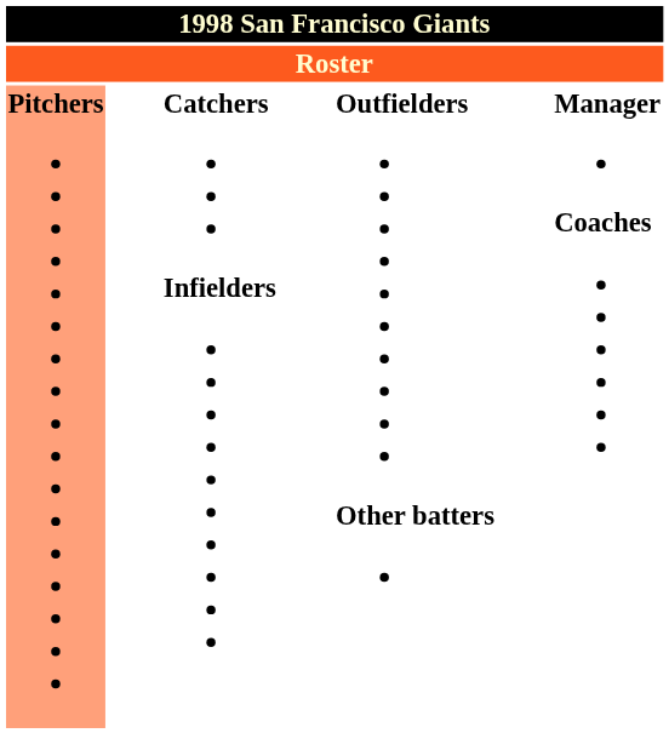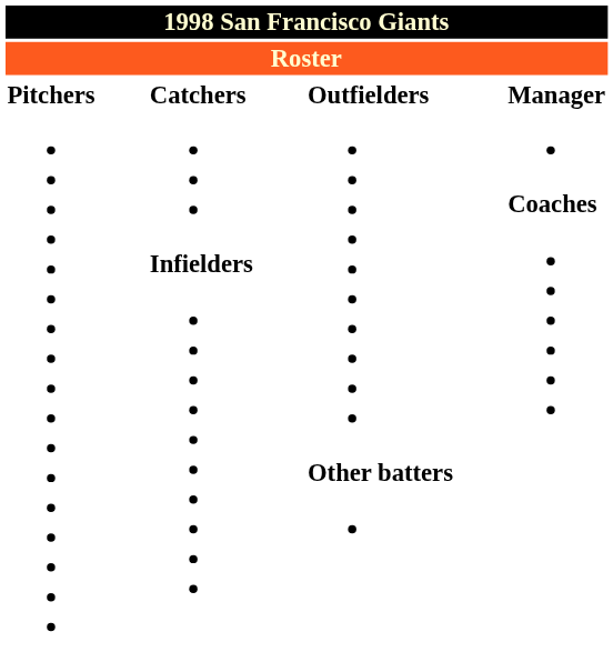 <table class="toccolours" style="font-size: 95%;">
 <tr>
 <th colspan="10" style="background-color: black; color: #FFFDD0; text-align: center;">1998 San Francisco Giants</th>
 </tr>
 <tr>
 <td colspan="10" style="background-color: #fd5a1e; color: #FFFDD0; text-align: center;"><strong>Roster</strong></td>
 </tr>
 <tr>
-<td valign="top" style="background: lightsalmon;"><strong>Pitchers</strong><br><ul><li></li><li></li><li></li><li></li><li></li><li></li><li></li><li></li><li></li><li></li><li></li><li></li><li></li><li></li><li></li><li></li><li></li></ul></td>
+<td valign="top"><strong>Pitchers</strong><br><ul><li></li><li></li><li></li><li></li><li></li><li></li><li></li><li></li><li></li><li></li><li></li><li></li><li></li><li></li><li></li><li></li><li></li></ul></td>
 <td width="25px"></td>
 <td valign="top"><strong>Catchers</strong><br><ul><li></li><li></li><li></li></ul><strong>Infielders</strong><ul><li></li><li></li><li></li><li></li><li></li><li></li><li></li><li></li><li></li><li></li></ul></td>
 <td width="25px"></td>
 <td valign="top"><strong>Outfielders</strong><br><ul><li></li><li></li><li></li><li></li><li></li><li></li><li></li><li></li><li></li><li></li></ul><strong>Other batters</strong><ul><li></li></ul></td>
 <td width="25px"></td>
 <td valign="top"><strong>Manager</strong><br><ul><li></li></ul><strong>Coaches</strong><ul><li></li><li></li><li></li><li></li><li></li><li></li></ul></td>
 </tr>
 <tr>
 </tr>
 </table>
